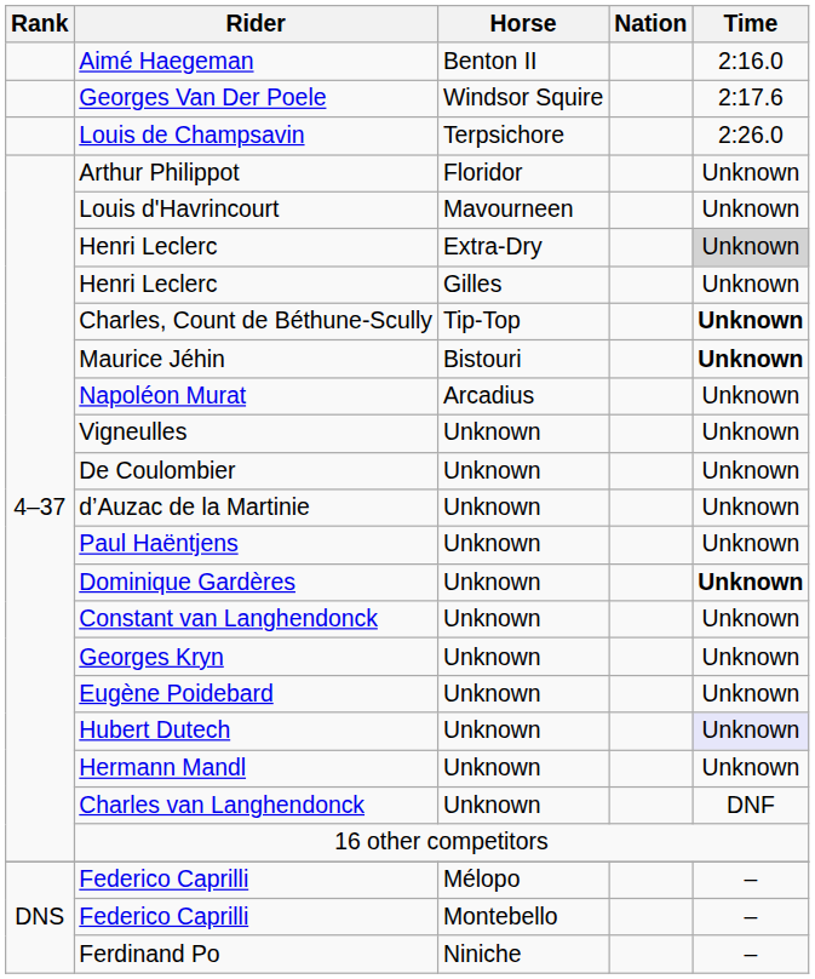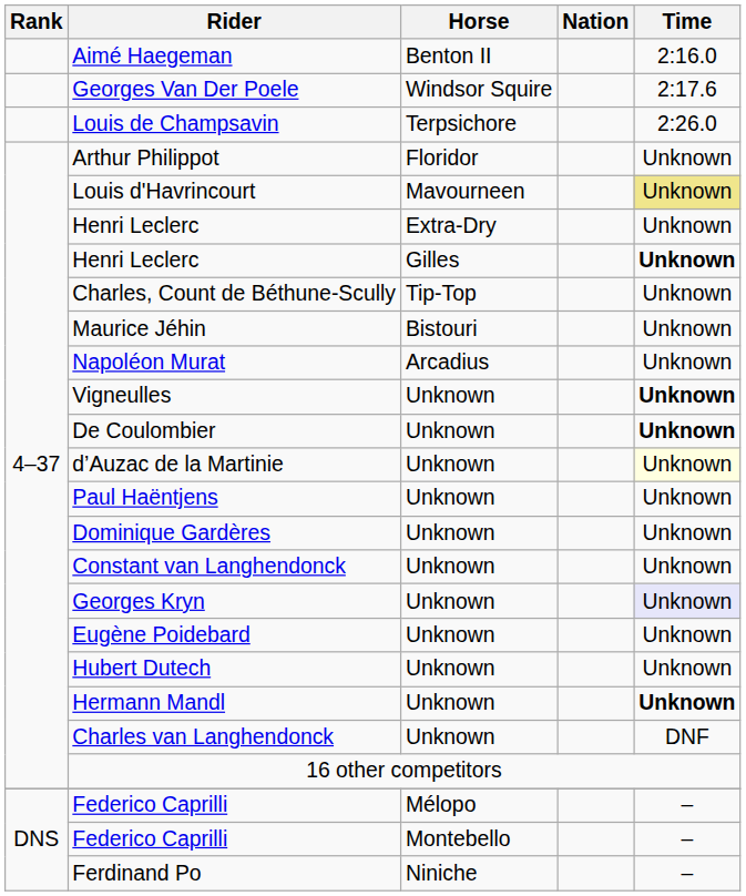 <table class="wikitable sortable" style="text-align:center">
 <tr>
 <th>Rank</th>
 <th>Rider</th>
 <th>Horse</th>
 <th>Nation</th>
 <th>Time</th>
 </tr>
 <tr>
 <td></td>
 <td align=left><a href='#'>Aimé Haegeman</a></td>
 <td align=left>Benton II</td>
 <td align=left></td>
 <td>2:16.0</td>
 </tr>
 <tr>
 <td></td>
 <td align=left><a href='#'>Georges Van Der Poele</a></td>
 <td align=left>Windsor Squire</td>
 <td align=left></td>
 <td>2:17.6</td>
 </tr>
 <tr>
 <td></td>
 <td align=left><a href='#'>Louis de Champsavin</a></td>
 <td align=left>Terpsichore</td>
 <td align=left></td>
 <td>2:26.0</td>
 </tr>
 <tr>
 <td align=center rowspan=19>4–37</td>
 <td align=left>Arthur Philippot</td>
 <td align=left>Floridor</td>
 <td align=left></td>
 <td>Unknown</td>
 </tr>
 <tr>
 <td align=left>Louis d'Havrincourt</td>
 <td align=left>Mavourneen</td>
 <td align=left></td>
-<td>Unknown</td>
+<td style="background: khaki;">Unknown</td>
 </tr>
 <tr>
 <td align=left>Henri Leclerc</td>
 <td align=left>Extra-Dry</td>
 <td align=left></td>
-<td style="background: lightgrey;">Unknown</td>
+<td>Unknown</td>
 </tr>
 <tr>
 <td align=left>Henri Leclerc</td>
 <td align=left>Gilles</td>
 <td align=left></td>
-<td>Unknown</td>
+<td><strong>Unknown</strong></td>
 </tr>
 <tr>
 <td align=left>Charles, Count de Béthune-Scully</td>
 <td align=left>Tip-Top</td>
 <td align=left></td>
-<td><strong>Unknown</strong></td>
+<td>Unknown</td>
 </tr>
 <tr>
 <td align=left>Maurice Jéhin</td>
 <td align=left>Bistouri</td>
 <td align=left></td>
-<td><strong>Unknown</strong></td>
+<td>Unknown</td>
 </tr>
 <tr>
 <td align=left><a href='#'>Napoléon Murat</a></td>
 <td align=left>Arcadius</td>
 <td align=left></td>
 <td>Unknown</td>
 </tr>
 <tr>
 <td align=left>Vigneulles</td>
 <td align=left>Unknown</td>
 <td align=left></td>
-<td>Unknown</td>
+<td><strong>Unknown</strong></td>
 </tr>
 <tr>
 <td align=left>De Coulombier</td>
 <td align=left>Unknown</td>
 <td align=left></td>
-<td>Unknown</td>
+<td><strong>Unknown</strong></td>
 </tr>
 <tr>
 <td align=left>d’Auzac de la Martinie</td>
 <td align=left>Unknown</td>
 <td align=left></td>
-<td>Unknown</td>
+<td style="background: lightyellow;">Unknown</td>
 </tr>
 <tr>
 <td align=left><a href='#'>Paul Haëntjens</a></td>
 <td align=left>Unknown</td>
 <td align=left></td>
 <td>Unknown</td>
 </tr>
 <tr>
 <td align=left><a href='#'>Dominique Gardères</a></td>
 <td align=left>Unknown</td>
 <td align=left></td>
-<td><strong>Unknown</strong></td>
+<td>Unknown</td>
 </tr>
 <tr>
 <td align=left><a href='#'>Constant van Langhendonck</a></td>
 <td align=left>Unknown</td>
 <td align=left></td>
 <td>Unknown</td>
 </tr>
 <tr>
 <td align=left><a href='#'>Georges Kryn</a></td>
 <td align=left>Unknown</td>
 <td align=left></td>
-<td>Unknown</td>
+<td style="background: lavender;">Unknown</td>
 </tr>
 <tr>
 <td align=left><a href='#'>Eugène Poidebard</a></td>
 <td align=left>Unknown</td>
 <td align=left></td>
 <td>Unknown</td>
 </tr>
 <tr>
 <td align=left><a href='#'>Hubert Dutech</a></td>
 <td align=left>Unknown</td>
 <td align=left></td>
-<td style="background: lavender;">Unknown</td>
+<td>Unknown</td>
 </tr>
 <tr>
 <td align=left><a href='#'>Hermann Mandl</a></td>
 <td align=left>Unknown</td>
 <td align=left></td>
-<td>Unknown</td>
+<td><strong>Unknown</strong></td>
 </tr>
 <tr>
 <td align=left><a href='#'>Charles van Langhendonck</a></td>
 <td align=left>Unknown</td>
 <td align=left></td>
 <td>DNF</td>
 </tr>
 <tr>
 <td colspan=5>16 other competitors</td>
 </tr>
 <tr>
 </tr>
 <tr>
 <td align=center rowspan=3>DNS</td>
 <td align=left><a href='#'>Federico Caprilli</a></td>
 <td align=left>Mélopo</td>
 <td align=left></td>
 <td>–</td>
 </tr>
 <tr>
 <td align=left><a href='#'>Federico Caprilli</a></td>
 <td align=left>Montebello</td>
 <td align=left></td>
 <td>–</td>
 </tr>
 <tr>
 <td align=left>Ferdinand Po</td>
 <td align=left>Niniche</td>
 <td align=left></td>
 <td>–</td>
 </tr>
 </table>
